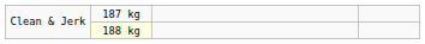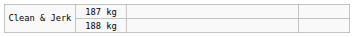 <table class = "wikitable" style="text-align:center;">
 <tr>
 <td rowspan=2 width=100>Clean & Jerk</td>
 <td width=70>187 kg</td>
 <td width=250 align=left></td>
 <td width=70></td>
 </tr>
 <tr>
-<td style="background: lightyellow;">188 kg</td>
+<td>188 kg</td>
 <td align=left></td>
 <td></td>
 </tr>
 </table>
